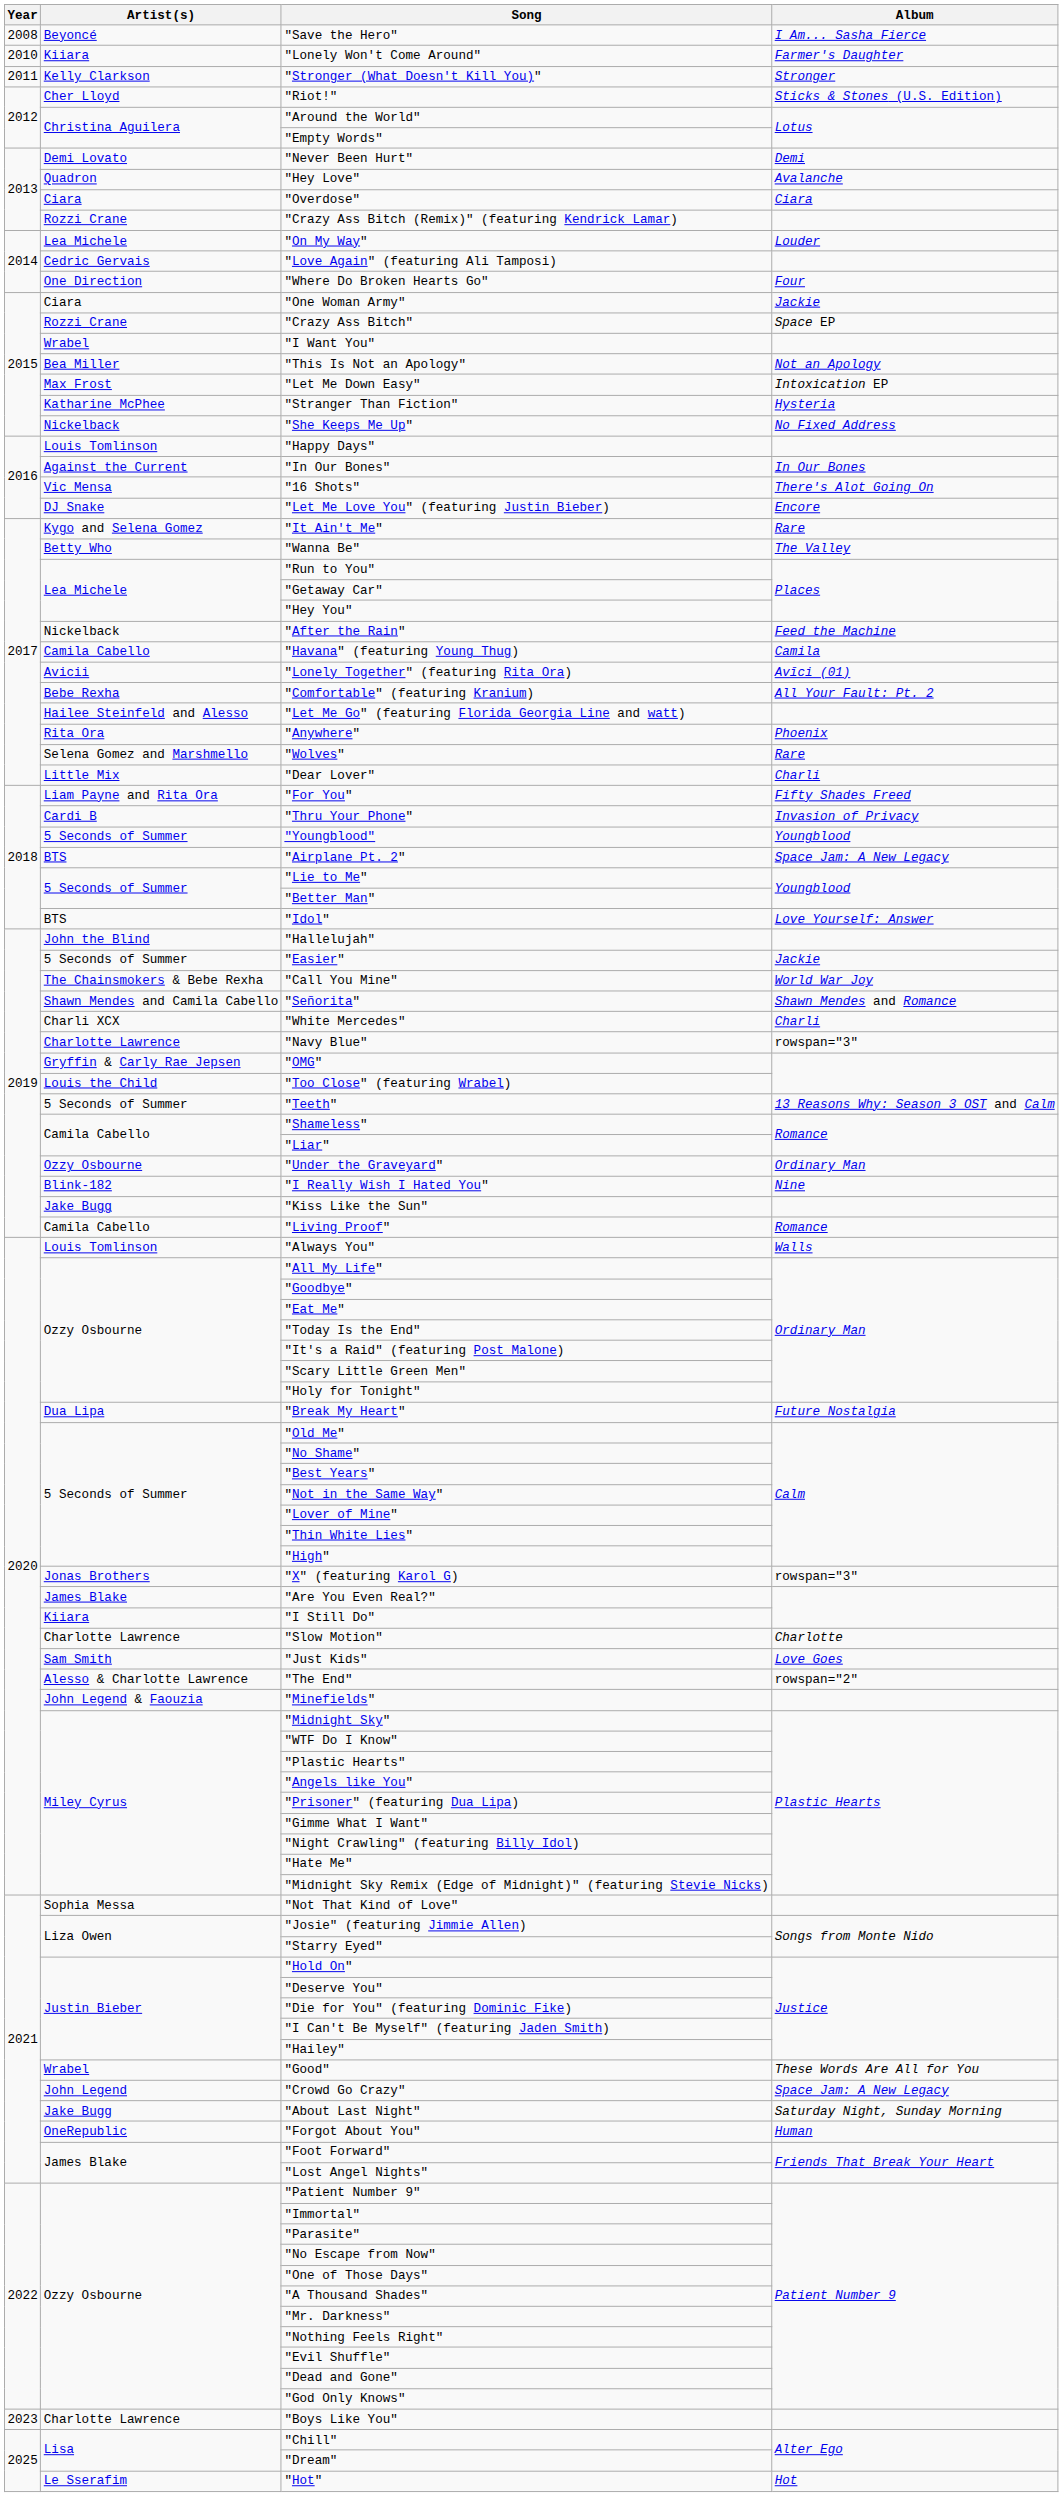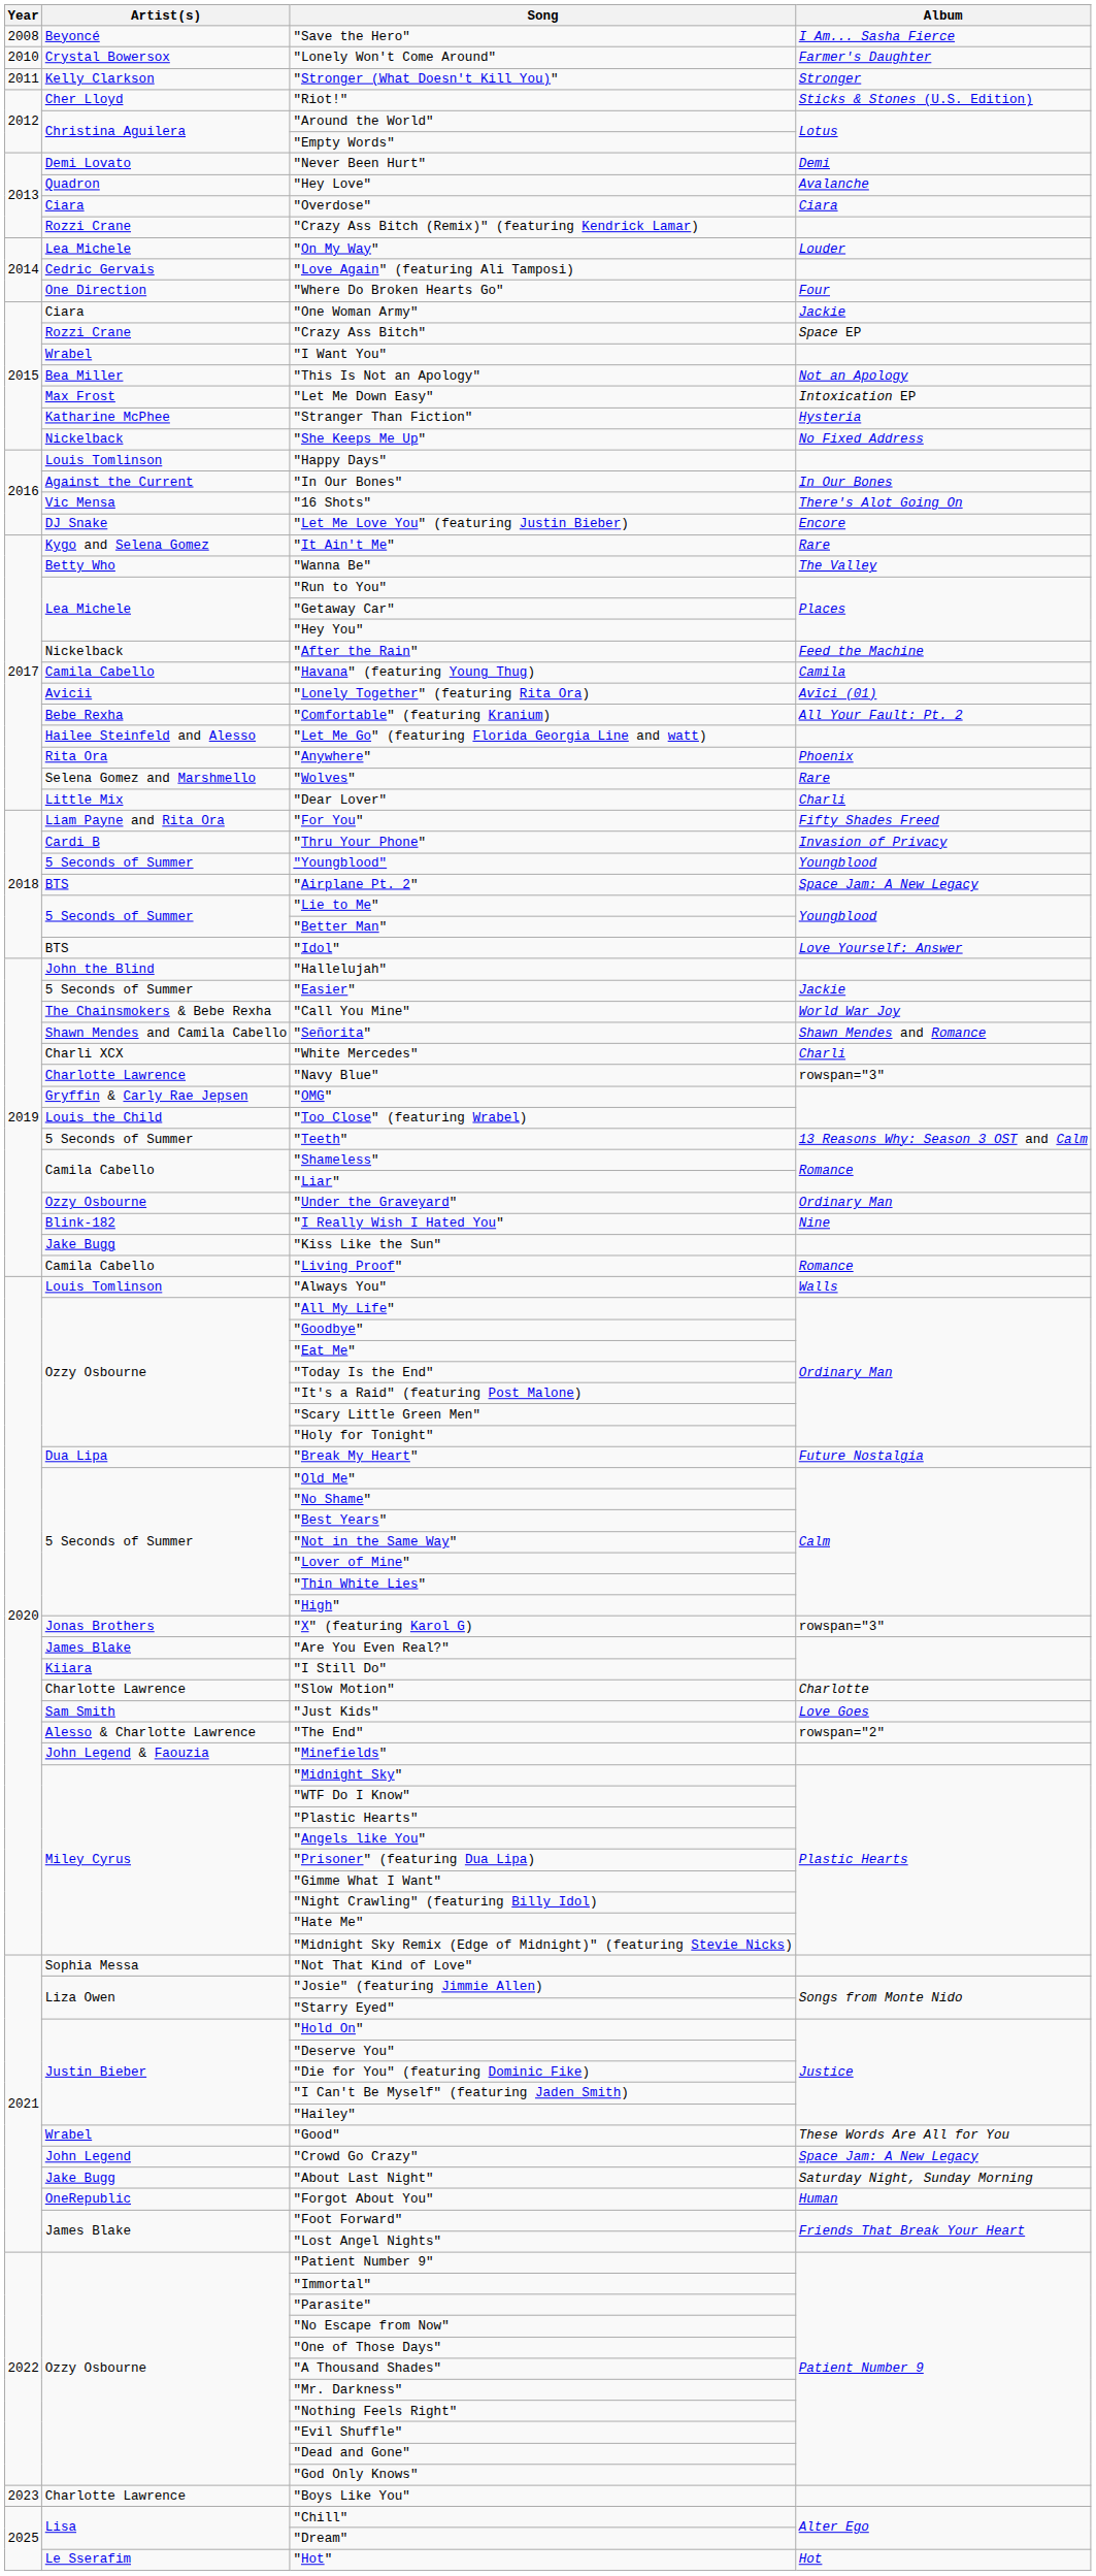 <table class="wikitable sortable" style="text-align:left;">
 <tr>
 <th scope="col">Year</th>
 <th scope="col">Artist(s)</th>
 <th scope="col">Song</th>
 <th scope="col">Album</th>
 </tr>
 <tr>
 <td>2008</td>
 <td><a href='#'>Beyoncé</a></td>
 <td>"Save the Hero"</td>
 <td><em><a href='#'>I Am... Sasha Fierce</a></em></td>
 </tr>
 <tr>
 <td>2010</td>
-<td><a href='#'>Kiiara</a></td>
+<td><a href='#'>Crystal Bowersox</a></td>
 <td>"Lonely Won't Come Around"</td>
 <td><em><a href='#'>Farmer's Daughter</a></em></td>
 </tr>
 <tr>
 <td>2011</td>
 <td><a href='#'>Kelly Clarkson</a></td>
 <td>"<a href='#'>Stronger (What Doesn't Kill You)</a>"</td>
 <td><em><a href='#'>Stronger</a></em></td>
 </tr>
 <tr>
 <td rowspan="3">2012</td>
 <td><a href='#'>Cher Lloyd</a></td>
 <td>"Riot!"</td>
 <td><a href='#'><em>Sticks & Stones</em> (U.S. Edition)</a></td>
 </tr>
 <tr>
 <td rowspan="2"><a href='#'>Christina Aguilera</a></td>
 <td>"Around the World"</td>
 <td rowspan="2"><em><a href='#'>Lotus</a></em></td>
 </tr>
 <tr>
 <td>"Empty Words"</td>
 </tr>
 <tr>
 <td rowspan="4">2013</td>
 <td><a href='#'>Demi Lovato</a></td>
 <td>"Never Been Hurt"</td>
 <td><em><a href='#'>Demi</a></em></td>
 </tr>
 <tr>
 <td><a href='#'>Quadron</a></td>
 <td>"Hey Love"</td>
 <td><em><a href='#'>Avalanche</a></em></td>
 </tr>
 <tr>
 <td><a href='#'>Ciara</a></td>
 <td>"Overdose"</td>
 <td><em><a href='#'>Ciara</a></em></td>
 </tr>
 <tr>
 <td><a href='#'>Rozzi Crane</a></td>
 <td>"Crazy Ass Bitch (Remix)" (featuring <a href='#'>Kendrick Lamar</a>)</td>
 <td></td>
 </tr>
 <tr>
 <td rowspan="3">2014</td>
 <td><a href='#'>Lea Michele</a></td>
 <td>"<a href='#'>On My Way</a>"</td>
 <td><em><a href='#'>Louder</a></em></td>
 </tr>
 <tr>
 <td><a href='#'>Cedric Gervais</a></td>
 <td>"<a href='#'>Love Again</a>" (featuring Ali Tamposi)</td>
 <td></td>
 </tr>
 <tr>
 <td><a href='#'>One Direction</a></td>
 <td>"Where Do Broken Hearts Go"</td>
 <td><a href='#'><em>Four</em></a></td>
 </tr>
 <tr>
 <td rowspan="7">2015</td>
 <td>Ciara</td>
 <td>"One Woman Army"</td>
 <td><em><a href='#'>Jackie</a></em></td>
 </tr>
 <tr>
 <td><a href='#'>Rozzi Crane</a></td>
 <td>"Crazy Ass Bitch"</td>
 <td><em>Space</em> EP</td>
 </tr>
 <tr>
 <td><a href='#'>Wrabel</a></td>
 <td>"I Want You"</td>
 <td></td>
 </tr>
 <tr>
 <td><a href='#'>Bea Miller</a></td>
 <td>"This Is Not an Apology"</td>
 <td><em><a href='#'>Not an Apology</a></em></td>
 </tr>
 <tr>
 <td><a href='#'>Max Frost</a></td>
 <td>"Let Me Down Easy"</td>
 <td><em>Intoxication</em> EP</td>
 </tr>
 <tr>
 <td><a href='#'>Katharine McPhee</a></td>
 <td>"Stranger Than Fiction"</td>
 <td><a href='#'><em>Hysteria</em></a></td>
 </tr>
 <tr>
 <td><a href='#'>Nickelback</a></td>
 <td>"<a href='#'>She Keeps Me Up</a>"</td>
 <td><em><a href='#'>No Fixed Address</a></em></td>
 </tr>
 <tr>
 <td rowspan="4">2016</td>
 <td><a href='#'>Louis Tomlinson</a></td>
 <td>"Happy Days"</td>
 <td></td>
 </tr>
 <tr>
 <td><a href='#'>Against the Current</a></td>
 <td>"In Our Bones"</td>
 <td><em><a href='#'>In Our Bones</a></em></td>
 </tr>
 <tr>
 <td><a href='#'>Vic Mensa</a></td>
 <td>"16 Shots"</td>
 <td><em><a href='#'>There's Alot Going On</a></em></td>
 </tr>
 <tr>
 <td><a href='#'>DJ Snake</a></td>
 <td>"<a href='#'>Let Me Love You</a>" (featuring <a href='#'>Justin Bieber</a>)</td>
 <td><em><a href='#'>Encore</a></em></td>
 </tr>
 <tr>
 <td rowspan="13">2017</td>
 <td><a href='#'>Kygo</a> and <a href='#'>Selena Gomez</a></td>
 <td>"<a href='#'>It Ain't Me</a>"</td>
 <td><em><a href='#'>Rare</a></em></td>
 </tr>
 <tr>
 <td><a href='#'>Betty Who</a></td>
 <td>"Wanna Be"</td>
 <td><a href='#'><em>The Valley</em></a></td>
 </tr>
 <tr>
 <td rowspan="3"><a href='#'>Lea Michele</a></td>
 <td>"Run to You"</td>
 <td rowspan="3"><em><a href='#'>Places</a></em></td>
 </tr>
 <tr>
 <td>"Getaway Car"</td>
 </tr>
 <tr>
 <td>"Hey You"</td>
 </tr>
 <tr>
 <td>Nickelback</td>
 <td>"<a href='#'>After the Rain</a>"</td>
 <td><em><a href='#'>Feed the Machine</a></em></td>
 </tr>
 <tr>
 <td><a href='#'>Camila Cabello</a></td>
 <td>"<a href='#'>Havana</a>" (featuring <a href='#'>Young Thug</a>)</td>
 <td><em><a href='#'>Camila</a></em></td>
 </tr>
 <tr>
 <td><a href='#'>Avicii</a></td>
 <td>"<a href='#'>Lonely Together</a>" (featuring <a href='#'>Rita Ora</a>)</td>
 <td><em><a href='#'>Avīci (01)</a></em></td>
 </tr>
 <tr>
 <td><a href='#'>Bebe Rexha</a></td>
 <td>"<a href='#'>Comfortable</a>" (featuring <a href='#'>Kranium</a>)</td>
 <td><em><a href='#'>All Your Fault: Pt. 2</a></em></td>
 </tr>
 <tr>
 <td><a href='#'>Hailee Steinfeld</a> and <a href='#'>Alesso</a></td>
 <td>"<a href='#'>Let Me Go</a>" (featuring <a href='#'>Florida Georgia Line</a> and <a href='#'>watt</a>)</td>
 <td></td>
 </tr>
 <tr>
 <td><a href='#'>Rita Ora</a></td>
 <td>"<a href='#'>Anywhere</a>"</td>
 <td><em><a href='#'>Phoenix</a></em></td>
 </tr>
 <tr>
 <td>Selena Gomez and <a href='#'>Marshmello</a></td>
 <td>"<a href='#'>Wolves</a>"</td>
 <td><em><a href='#'>Rare</a></em></td>
 </tr>
 <tr>
 <td><a href='#'>Little Mix</a></td>
 <td>"Dear Lover"</td>
 <td><em><a href='#'>Charli</a></em></td>
 </tr>
 <tr>
 <td rowspan="7">2018</td>
 <td><a href='#'>Liam Payne</a> and <a href='#'>Rita Ora</a></td>
 <td>"<a href='#'>For You</a>"</td>
 <td><em><a href='#'>Fifty Shades Freed</a></em></td>
 </tr>
 <tr>
 <td><a href='#'>Cardi B</a></td>
 <td>"<a href='#'>Thru Your Phone</a>"</td>
 <td><a href='#'><em>Invasion of Privacy</em></a></td>
 </tr>
 <tr>
 <td><a href='#'>5 Seconds of Summer</a></td>
 <td><a href='#'>"Youngblood"</a></td>
 <td><a href='#'><em>Youngblood</em></a></td>
 </tr>
 <tr>
 <td><a href='#'>BTS</a></td>
 <td>"<a href='#'>Airplane Pt. 2</a>"</td>
 <td><em><a href='#'>Space Jam: A New Legacy</a></em></td>
 </tr>
 <tr>
 <td rowspan="2"><a href='#'>5 Seconds of Summer</a></td>
 <td>"<a href='#'>Lie to Me</a>"</td>
 <td rowspan="2"><em><a href='#'>Youngblood</a></em></td>
 </tr>
 <tr>
 <td>"<a href='#'>Better Man</a>"</td>
 </tr>
 <tr>
 <td>BTS</td>
 <td>"<a href='#'>Idol</a>"</td>
 <td><em><a href='#'>Love Yourself: Answer</a></em></td>
 </tr>
 <tr>
 <td rowspan="15">2019</td>
 <td><a href='#'>John the Blind</a></td>
 <td>"Hallelujah"</td>
 <td></td>
 </tr>
 <tr>
 <td>5 Seconds of Summer</td>
 <td>"<a href='#'>Easier</a>"</td>
 <td><em><a href='#'>Jackie</a></em></td>
 </tr>
 <tr>
 <td><a href='#'>The Chainsmokers</a> & Bebe Rexha</td>
 <td>"Call You Mine"</td>
 <td><em><a href='#'>World War Joy</a></em></td>
 </tr>
 <tr>
 <td><a href='#'>Shawn Mendes</a> and Camila Cabello</td>
 <td>"<a href='#'>Señorita</a>"</td>
 <td><em><a href='#'>Shawn Mendes</a></em> and <em><a href='#'>Romance</a></em></td>
 </tr>
 <tr>
 <td>Charli XCX</td>
 <td>"White Mercedes"</td>
 <td><em><a href='#'>Charli</a></em></td>
 </tr>
 <tr>
 <td><a href='#'>Charlotte Lawrence</a></td>
 <td>"Navy Blue"</td>
 <td>rowspan="3" </td>
 </tr>
 <tr>
 <td><a href='#'>Gryffin</a> & <a href='#'>Carly Rae Jepsen</a></td>
 <td>"<a href='#'>OMG</a>"</td>
 </tr>
 <tr>
 <td><a href='#'>Louis the Child</a></td>
 <td>"<a href='#'>Too Close</a>" (featuring <a href='#'>Wrabel</a>)</td>
 </tr>
 <tr>
 <td>5 Seconds of Summer</td>
 <td>"<a href='#'>Teeth</a>"</td>
 <td><em><a href='#'>13 Reasons Why: Season 3 OST</a></em> and <a href='#'><em>Calm</em></a></td>
 </tr>
 <tr>
 <td rowspan="2">Camila Cabello</td>
 <td>"<a href='#'>Shameless</a>"</td>
 <td rowspan="2"><em><a href='#'>Romance</a></em></td>
 </tr>
 <tr>
 <td>"<a href='#'>Liar</a>"</td>
 </tr>
 <tr>
 <td><a href='#'>Ozzy Osbourne</a></td>
 <td>"<a href='#'>Under the Graveyard</a>"</td>
 <td><em><a href='#'>Ordinary Man</a></em></td>
 </tr>
 <tr>
 <td><a href='#'>Blink-182</a></td>
 <td>"<a href='#'>I Really Wish I Hated You</a>"</td>
 <td><em><a href='#'>Nine</a></em></td>
 </tr>
 <tr>
 <td><a href='#'>Jake Bugg</a></td>
 <td>"Kiss Like the Sun"</td>
 <td></td>
 </tr>
 <tr>
 <td>Camila Cabello</td>
 <td>"<a href='#'>Living Proof</a>"</td>
 <td><em><a href='#'>Romance</a></em></td>
 </tr>
 <tr>
 <td rowspan="32">2020</td>
 <td><a href='#'>Louis Tomlinson</a></td>
 <td>"Always You"</td>
 <td><em><a href='#'>Walls</a></em></td>
 </tr>
 <tr>
 <td rowspan="7">Ozzy Osbourne</td>
 <td>"<a href='#'>All My Life</a>"</td>
 <td rowspan="7"><em><a href='#'>Ordinary Man</a></em></td>
 </tr>
 <tr>
 <td>"<a href='#'>Goodbye</a>"</td>
 </tr>
 <tr>
 <td>"<a href='#'>Eat Me</a>"</td>
 </tr>
 <tr>
 <td>"Today Is the End"</td>
 </tr>
 <tr>
 <td>"It's a Raid" (featuring <a href='#'>Post Malone</a>)</td>
 </tr>
 <tr>
 <td>"Scary Little Green Men"</td>
 </tr>
 <tr>
 <td>"Holy for Tonight"</td>
 </tr>
 <tr>
 <td><a href='#'>Dua Lipa</a></td>
 <td>"<a href='#'>Break My Heart</a>"</td>
 <td><em><a href='#'>Future Nostalgia</a></em></td>
 </tr>
 <tr>
 <td rowspan="7">5 Seconds of Summer</td>
 <td>"<a href='#'>Old Me</a>"</td>
 <td rowspan="7"><em><a href='#'>Calm</a></em></td>
 </tr>
 <tr>
 <td>"<a href='#'>No Shame</a>"</td>
 </tr>
 <tr>
 <td>"<a href='#'>Best Years</a>"</td>
 </tr>
 <tr>
 <td>"<a href='#'>Not in the Same Way</a>"</td>
 </tr>
 <tr>
 <td>"<a href='#'>Lover of Mine</a>"</td>
 </tr>
 <tr>
 <td>"<a href='#'>Thin White Lies</a>"</td>
 </tr>
 <tr>
 <td>"<a href='#'>High</a>"</td>
 </tr>
 <tr>
 <td><a href='#'>Jonas Brothers</a></td>
 <td>"<a href='#'>X</a>" (featuring <a href='#'>Karol G</a>)</td>
 <td>rowspan="3" </td>
 </tr>
 <tr>
 <td><a href='#'>James Blake</a></td>
 <td>"Are You Even Real?"</td>
 </tr>
 <tr>
 <td><a href='#'>Kiiara</a></td>
 <td>"I Still Do"</td>
 </tr>
 <tr>
 <td>Charlotte Lawrence</td>
 <td>"Slow Motion"</td>
 <td><em>Charlotte</em></td>
 </tr>
 <tr>
 <td><a href='#'>Sam Smith</a></td>
 <td>"Just Kids"</td>
 <td><em><a href='#'>Love Goes</a></em></td>
 </tr>
 <tr>
 <td><a href='#'>Alesso</a> & Charlotte Lawrence</td>
 <td>"The End"</td>
 <td>rowspan="2" </td>
 </tr>
 <tr>
 <td><a href='#'>John Legend</a> & <a href='#'>Faouzia</a></td>
 <td>"<a href='#'>Minefields</a>"</td>
 </tr>
 <tr>
 <td rowspan="9"><a href='#'>Miley Cyrus</a></td>
 <td>"<a href='#'>Midnight Sky</a>"</td>
 <td rowspan="9"><em><a href='#'>Plastic Hearts</a></em></td>
 </tr>
 <tr>
 <td>"WTF Do I Know"</td>
 </tr>
 <tr>
 <td>"Plastic Hearts"</td>
 </tr>
 <tr>
 <td>"<a href='#'>Angels like You</a>"</td>
 </tr>
 <tr>
 <td>"<a href='#'>Prisoner</a>" (featuring <a href='#'>Dua Lipa</a>)</td>
 </tr>
 <tr>
 <td>"Gimme What I Want"</td>
 </tr>
 <tr>
 <td>"Night Crawling" (featuring <a href='#'>Billy Idol</a>)</td>
 </tr>
 <tr>
 <td>"Hate Me"</td>
 </tr>
 <tr>
 <td>"Midnight Sky Remix (Edge of Midnight)" (featuring <a href='#'>Stevie Nicks</a>)</td>
 </tr>
 <tr>
 <td rowspan="14">2021</td>
 <td>Sophia Messa</td>
 <td>"Not That Kind of Love"</td>
 <td></td>
 </tr>
 <tr>
 <td rowspan="2">Liza Owen</td>
 <td>"Josie" (featuring <a href='#'>Jimmie Allen</a>)</td>
 <td rowspan="2"><em>Songs from Monte Nido</em></td>
 </tr>
 <tr>
 <td>"Starry Eyed"</td>
 </tr>
 <tr>
 <td rowspan="5"><a href='#'>Justin Bieber</a></td>
 <td>"<a href='#'>Hold On</a>"</td>
 <td rowspan="5"><em><a href='#'>Justice</a></em></td>
 </tr>
 <tr>
 <td>"Deserve You"</td>
 </tr>
 <tr>
 <td>"Die for You" (featuring <a href='#'>Dominic Fike</a>)</td>
 </tr>
 <tr>
 <td>"I Can't Be Myself" (featuring <a href='#'>Jaden Smith</a>)</td>
 </tr>
 <tr>
 <td>"Hailey"</td>
 </tr>
 <tr>
 <td><a href='#'>Wrabel</a></td>
 <td>"Good"</td>
 <td><em>These Words Are All for You</em></td>
 </tr>
 <tr>
 <td><a href='#'>John Legend</a></td>
 <td>"Crowd Go Crazy"</td>
 <td><em><a href='#'>Space Jam: A New Legacy</a></em></td>
 </tr>
 <tr>
 <td><a href='#'>Jake Bugg</a></td>
 <td>"About Last Night"</td>
 <td><em>Saturday Night, Sunday Morning</em></td>
 </tr>
 <tr>
 <td><a href='#'>OneRepublic</a></td>
 <td>"Forgot About You"</td>
 <td><em><a href='#'>Human</a></em></td>
 </tr>
 <tr>
 <td rowspan="2">James Blake</td>
 <td>"Foot Forward"</td>
 <td rowspan="2"><em><a href='#'>Friends That Break Your Heart</a></em></td>
 </tr>
 <tr>
 <td>"Lost Angel Nights"</td>
 </tr>
 <tr>
 <td rowspan="11">2022</td>
 <td rowspan="11">Ozzy Osbourne</td>
 <td>"Patient Number 9"</td>
 <td rowspan="11"><em><a href='#'>Patient Number 9</a></em></td>
 </tr>
 <tr>
 <td>"Immortal"</td>
 </tr>
 <tr>
 <td>"Parasite"</td>
 </tr>
 <tr>
 <td>"No Escape from Now"</td>
 </tr>
 <tr>
 <td>"One of Those Days"</td>
 </tr>
 <tr>
 <td>"A Thousand Shades"</td>
 </tr>
 <tr>
 <td>"Mr. Darkness"</td>
 </tr>
 <tr>
 <td>"Nothing Feels Right"</td>
 </tr>
 <tr>
 <td>"Evil Shuffle"</td>
 </tr>
 <tr>
 <td>"Dead and Gone"</td>
 </tr>
 <tr>
 <td>"God Only Knows"</td>
 </tr>
 <tr>
 <td>2023</td>
 <td>Charlotte Lawrence</td>
 <td>"Boys Like You"</td>
 <td></td>
 </tr>
 <tr>
 <td rowspan="3">2025</td>
 <td rowspan="2"><a href='#'>Lisa</a></td>
 <td>"Chill"</td>
 <td rowspan="2"><em><a href='#'>Alter Ego</a></em></td>
 </tr>
 <tr>
 <td>"Dream"</td>
 </tr>
 <tr>
 <td><a href='#'>Le Sserafim</a></td>
 <td>"<a href='#'>Hot</a>"</td>
 <td><em><a href='#'>Hot</a></em></td>
 </tr>
 </table>
